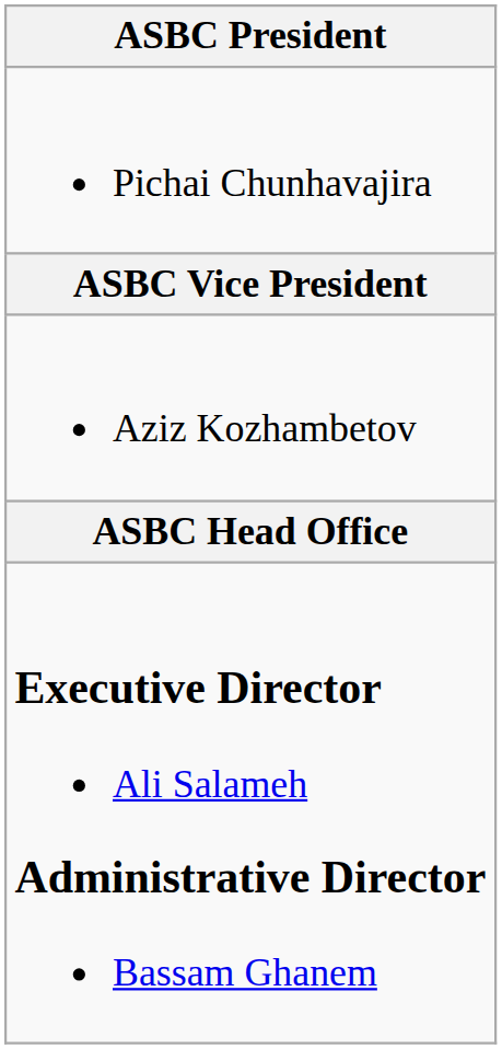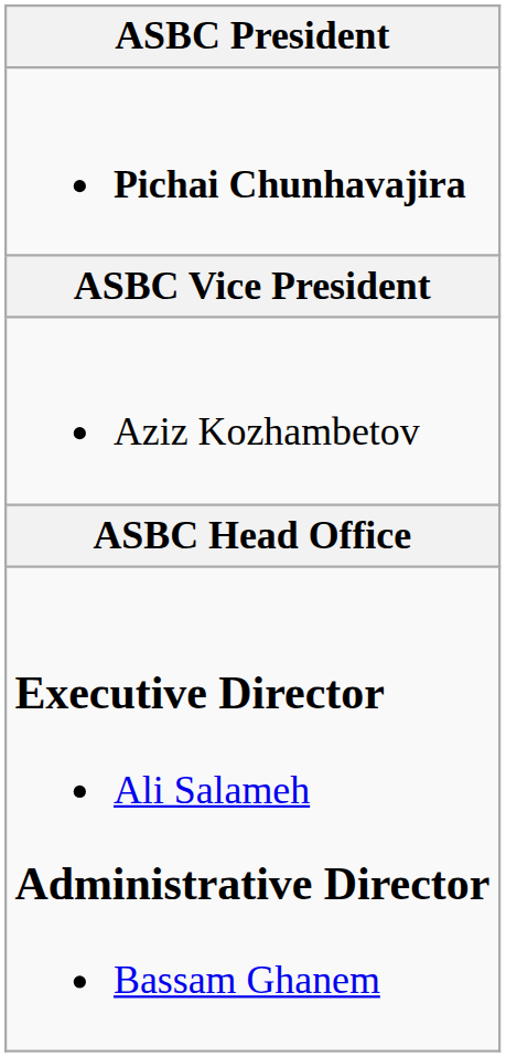 <table class="wikitable">
 <tr>
 <th>ASBC President</th>
 </tr>
 <tr>
-<td><br><ul><li> Pichai Chunhavajira</li></ul></td>
+<td><strong><br><ul><li> Pichai Chunhavajira</li></ul></strong></td>
 </tr>
 <tr>
 <th>ASBC Vice President</th>
 </tr>
 <tr>
 <td><br><ul><li> Aziz Kozhambetov</li></ul></td>
 </tr>
 <tr>
 <th>ASBC Head Office</th>
 </tr>
 <tr>
 <td><br><h3>Executive Director</h3><ul><li><a href='#'>Ali Salameh</a></li></ul><h3>Administrative Director</h3><ul><li> <a href='#'>Bassam Ghanem</a></li></ul></td>
 </tr>
 </table>
